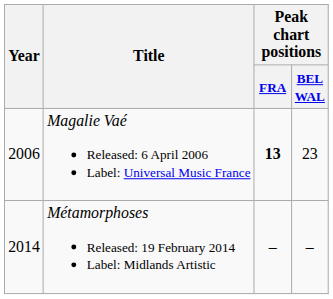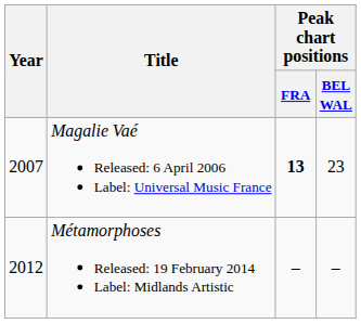 <table class="wikitable">
 <tr>
 <th rowspan="2">Year</th>
 <th rowspan="2">Title</th>
 <th colspan="2">Peak chart positions</th>
 </tr>
 <tr>
 <th width="30"><small><a href='#'>FRA</a></small></th>
 <th width="30"><small><a href='#'>BEL WAL</a></small></th>
 </tr>
 <tr>
-<td>2006</td>
+<td>2007</td>
 <td><em>Magalie Vaé</em><br><ul><li><small>Released: 6 April 2006</small></li><li><small>Label: <a href='#'>Universal Music France</a></small></li></ul></td>
 <td align="center"><strong>13</strong></td>
 <td align="center">23</td>
 </tr>
 <tr>
-<td>2014</td>
+<td>2012</td>
 <td><em>Métamorphoses</em><br><ul><li><small>Released: 19 February 2014</small></li><li><small>Label: Midlands Artistic</small></li></ul></td>
 <td align="center">–</td>
 <td align="center">–</td>
 </tr>
 </table>
